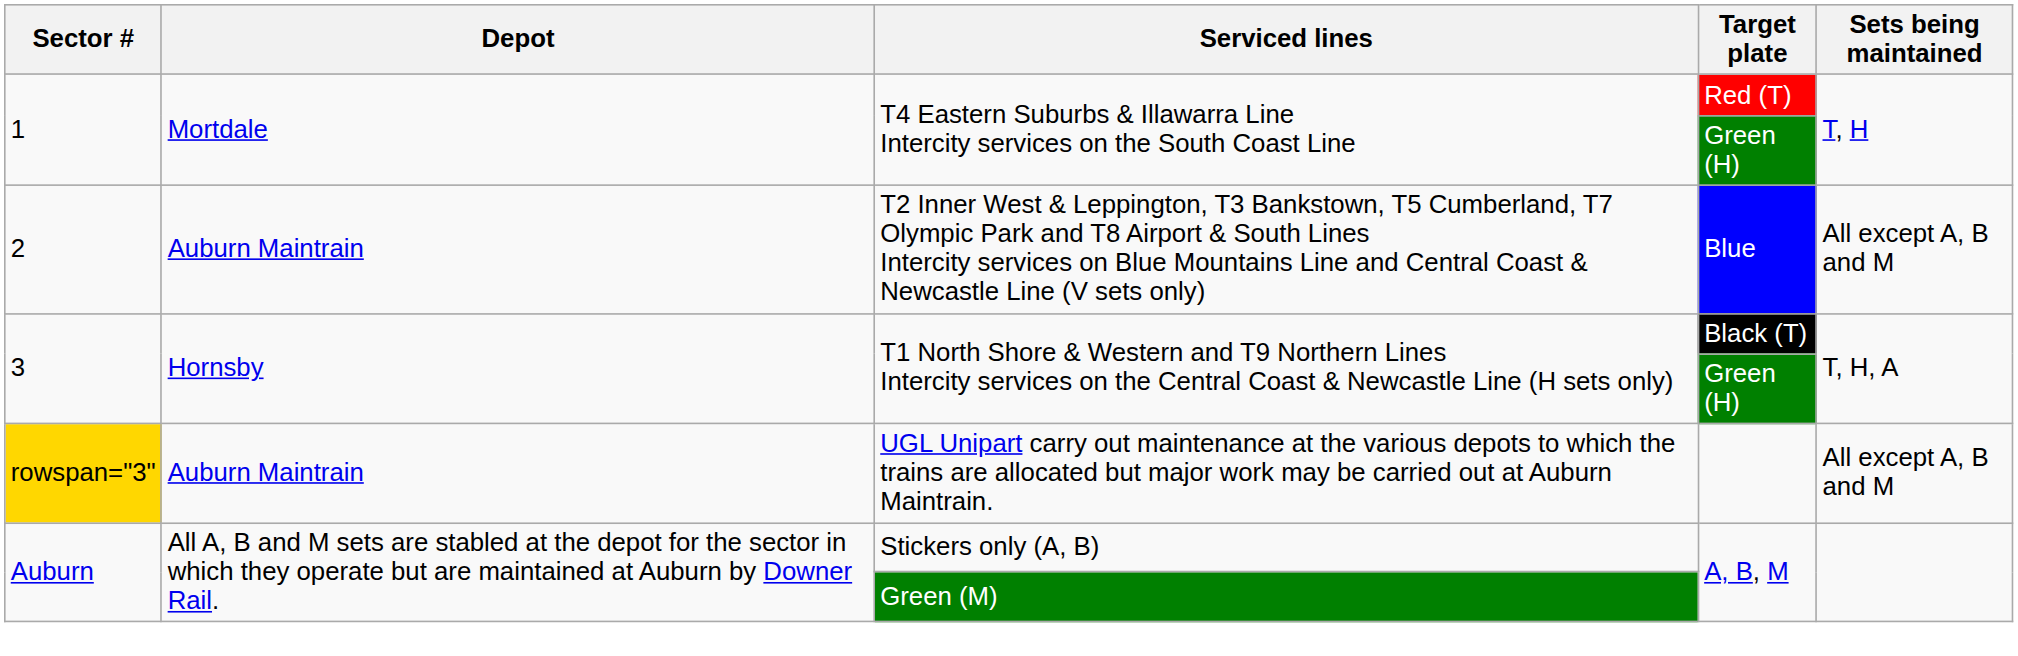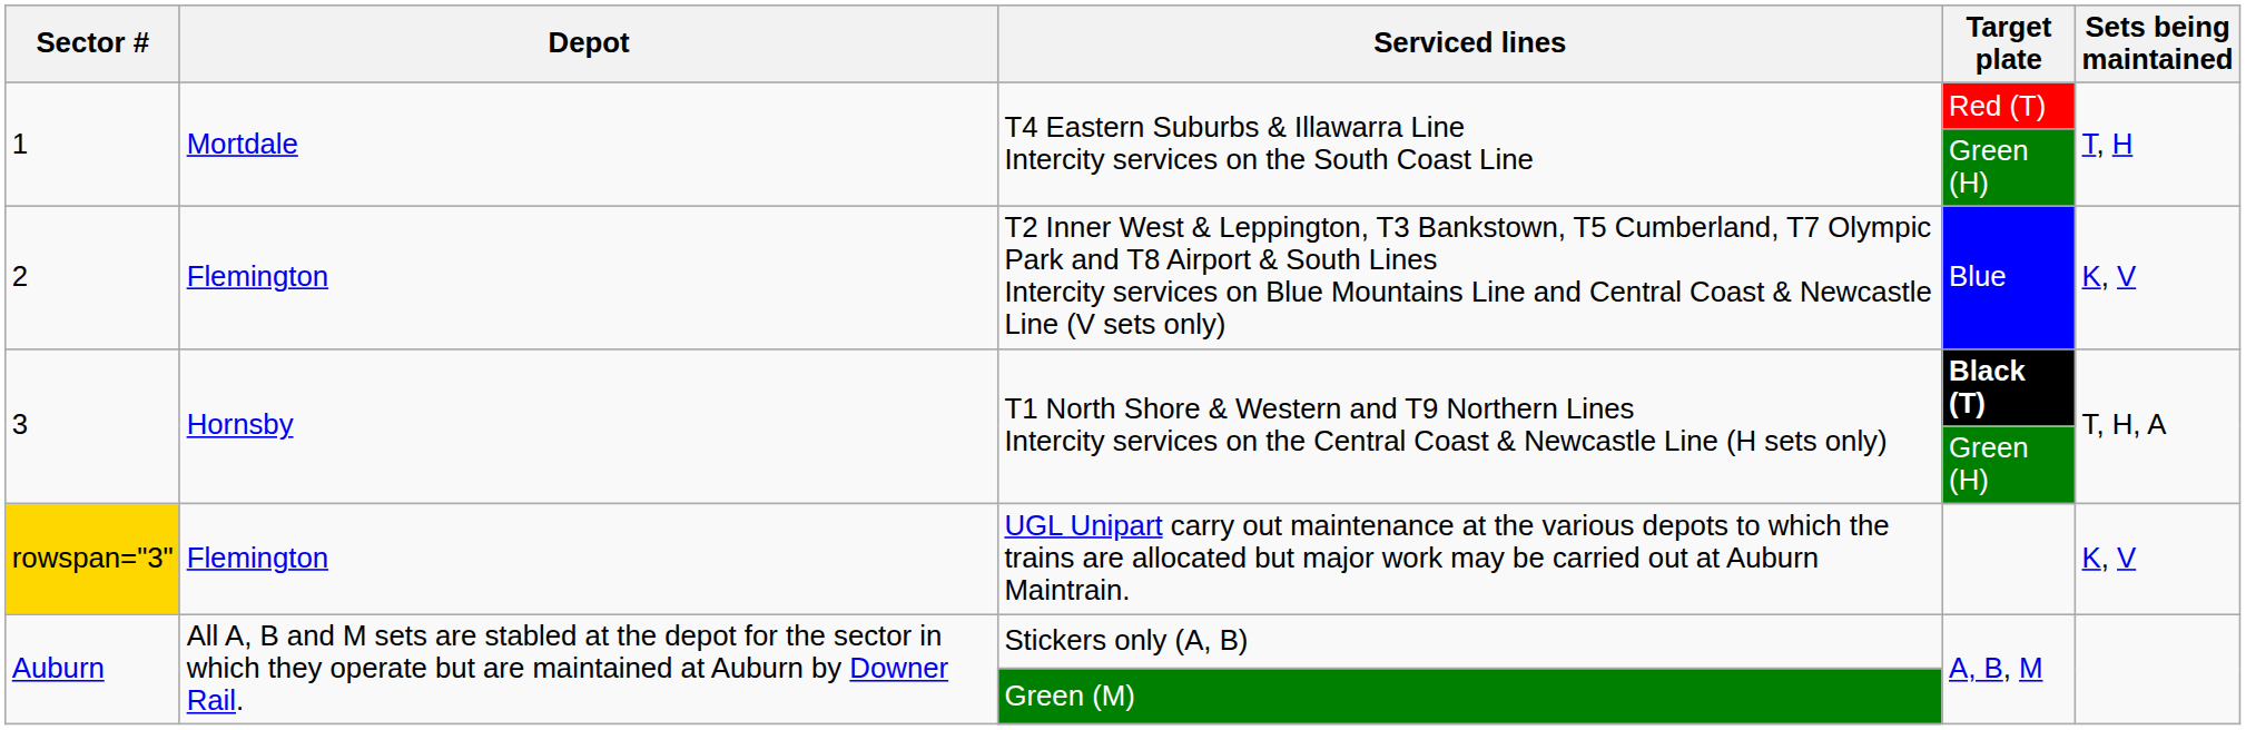 <table class="wikitable">
 <tr>
 <th>Sector #</th>
 <th>Depot</th>
 <th>Serviced lines</th>
 <th>Target plate</th>
 <th>Sets being<br>maintained</th>
 </tr>
 <tr>
 <td rowspan="2">1</td>
 <td rowspan="2"><a href='#'>Mortdale</a></td>
 <td rowspan="2">T4 Eastern Suburbs & Illawarra Line<br>Intercity services on the South Coast Line</td>
 <td style="background:red; color:white;">Red (T)</td>
 <td rowspan="2"><a href='#'>T</a>, <a href='#'>H</a></td>
 </tr>
 <tr>
 <td style="background:green; color:white;">Green (H)</td>
 </tr>
 <tr>
 <td>2</td>
-<td><a href='#'>Auburn Maintrain</a></td>
+<td><a href='#'>Flemington</a></td>
 <td>T2 Inner West & Leppington, T3 Bankstown, T5 Cumberland, T7 Olympic Park and T8 Airport & South Lines<br>Intercity services on Blue Mountains Line and Central Coast & Newcastle Line (V sets only)</td>
 <td style="background:blue; color:white;">Blue</td>
-<td>All except A, B and M</td>
+<td><a href='#'>K</a>, <a href='#'>V</a></td>
 </tr>
 <tr>
 <td rowspan="2">3</td>
 <td rowspan="2"><a href='#'>Hornsby</a></td>
 <td rowspan="2">T1 North Shore & Western and T9 Northern Lines<br>Intercity services on the Central Coast & Newcastle Line (H sets only)</td>
-<td style="background:black; color:white;">Black (T)</td>
+<td style="background:black; color:white;"><strong>Black (T)</strong></td>
 <td rowspan="2">T, H, A</td>
 </tr>
 <tr>
 <td style="background:green; color:white;">Green (H)</td>
 </tr>
 <tr>
 <td style="background: gold;">rowspan="3" </td>
-<td><a href='#'>Auburn Maintrain</a></td>
+<td><a href='#'>Flemington</a></td>
 <td><a href='#'>UGL Unipart</a> carry out maintenance at the various depots to which the trains are allocated but major work may be carried out at Auburn Maintrain.</td>
 <td></td>
-<td>All except A, B and M</td>
+<td><a href='#'>K</a>, <a href='#'>V</a></td>
 </tr>
 <tr>
 <td rowspan="2"><a href='#'>Auburn</a></td>
 <td rowspan="2">All A, B and M sets are stabled at the depot for the sector in which they operate but are maintained at Auburn by <a href='#'>Downer Rail</a>.</td>
 <td>Stickers only (A, B)</td>
 <td rowspan="2"><a href='#'>A, B</a>, <a href='#'>M</a></td>
 </tr>
 <tr>
 <td style="background:green; color:white;">Green (M)</td>
 </tr>
 </table>
